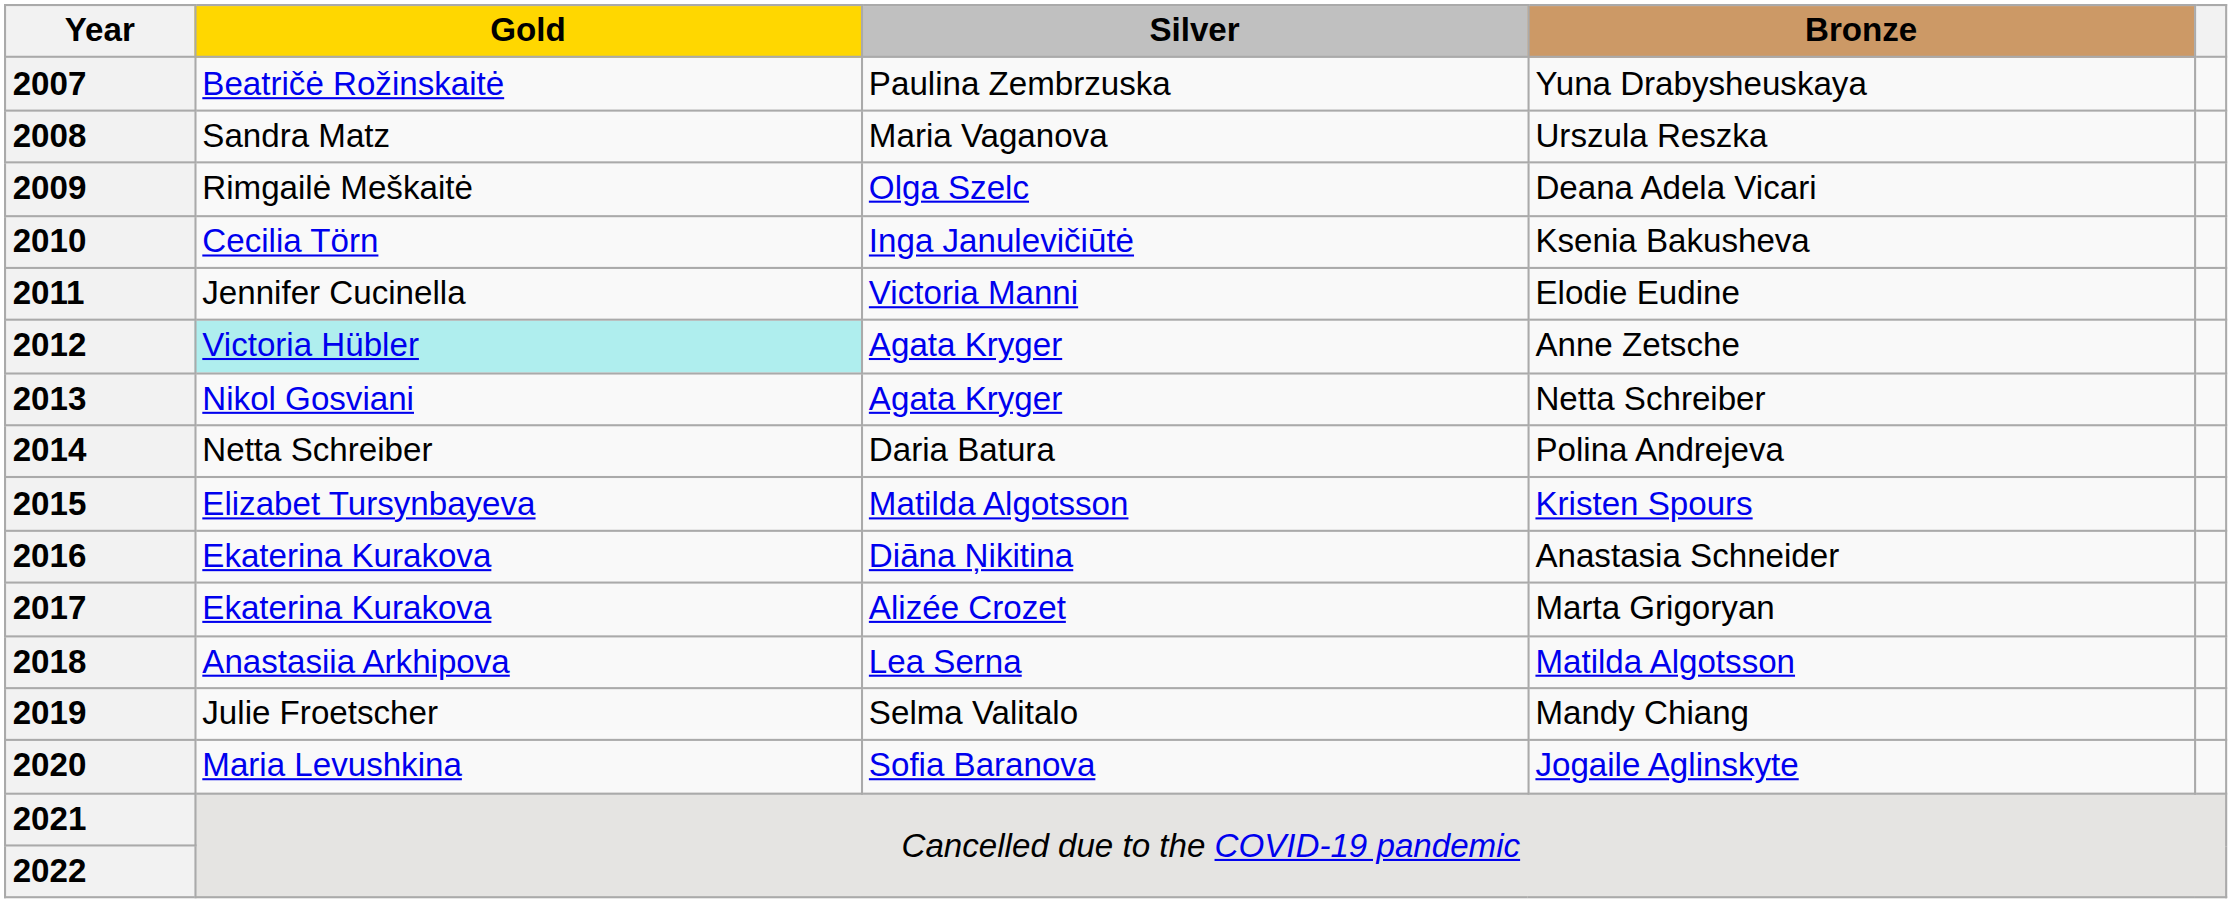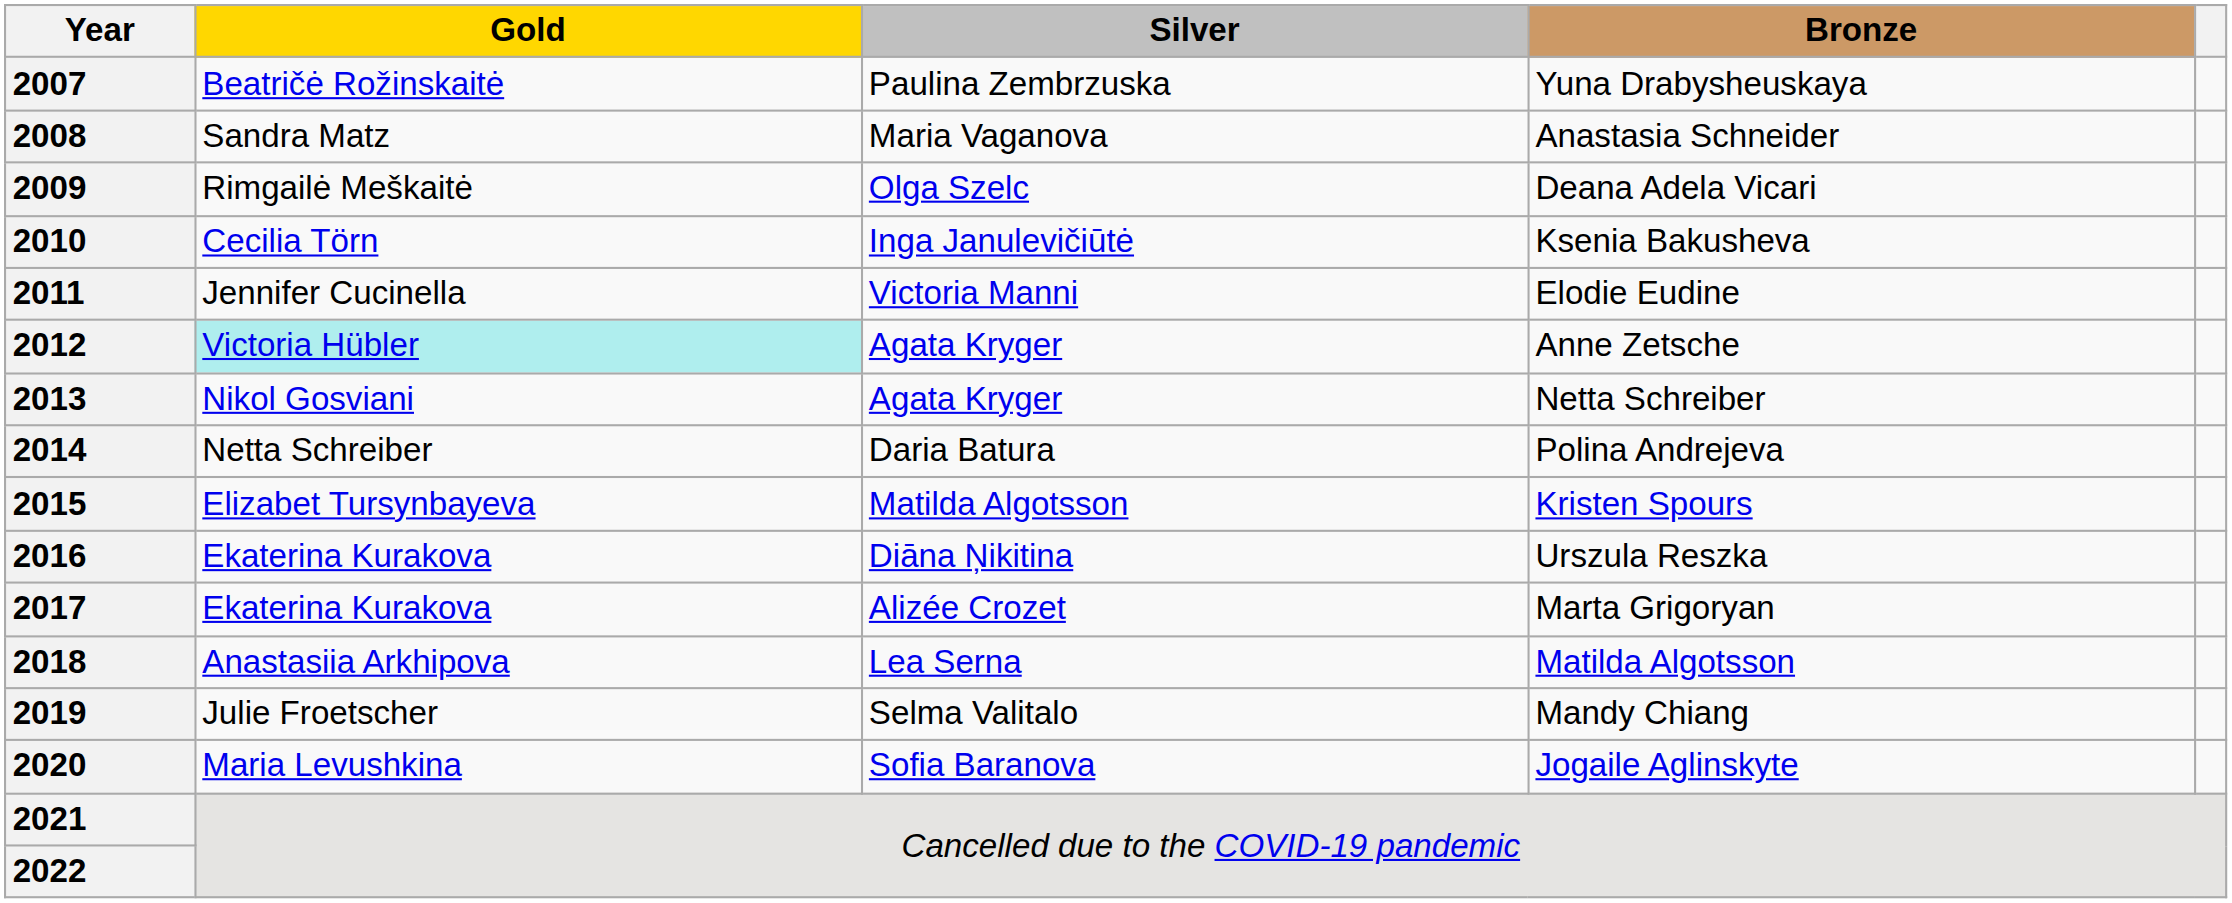 <table class="wikitable unsortable" style="text-align:left; width:85%">
 <tr>
 <th scope="col" style="text-align:center">Year</th>
 <td scope="col" style="text-align:center; width:30%; background:gold"><strong>Gold</strong></td>
 <td scope="col" style="text-align:center; width:30%; background:silver"><strong>Silver</strong></td>
 <td scope="col" style="text-align:center; width:30%; background:#c96"><strong>Bronze</strong></td>
 <th scope="col" style="text-align:center"></th>
 </tr>
 <tr>
 <th scope="row" style="text-align:left">2007</th>
 <td> <a href='#'>Beatričė Rožinskaitė</a></td>
 <td> Paulina Zembrzuska</td>
 <td> Yuna Drabysheuskaya</td>
 <td></td>
 </tr>
 <tr>
 <th scope="row" style="text-align:left">2008</th>
 <td> Sandra Matz</td>
 <td> Maria Vaganova</td>
-<td> Urszula Reszka</td>
+<td> Anastasia Schneider</td>
 <td></td>
 </tr>
 <tr>
 <th scope="row" style="text-align:left">2009</th>
 <td> Rimgailė Meškaitė</td>
 <td> <a href='#'>Olga Szelc</a></td>
 <td> Deana Adela Vicari</td>
 <td></td>
 </tr>
 <tr>
 <th scope="row" style="text-align:left">2010</th>
 <td> <a href='#'>Cecilia Törn</a></td>
 <td> <a href='#'>Inga Janulevičiūtė</a></td>
 <td> Ksenia Bakusheva</td>
 <td></td>
 </tr>
 <tr>
 <th scope="row" style="text-align:left">2011</th>
 <td> Jennifer Cucinella</td>
 <td> <a href='#'>Victoria Manni</a></td>
 <td> Elodie Eudine</td>
 <td></td>
 </tr>
 <tr>
 <th scope="row" style="text-align:left">2012</th>
 <td style="background: paleturquoise;"> <a href='#'>Victoria Hübler</a></td>
 <td> <a href='#'>Agata Kryger</a></td>
 <td> Anne Zetsche</td>
 <td></td>
 </tr>
 <tr>
 <th scope="row" style="text-align:left">2013</th>
 <td> <a href='#'>Nikol Gosviani</a></td>
 <td> <a href='#'>Agata Kryger</a></td>
 <td> Netta Schreiber</td>
 <td></td>
 </tr>
 <tr>
 <th scope="row" style="text-align:left">2014</th>
 <td> Netta Schreiber</td>
 <td> Daria Batura</td>
 <td> Polina Andrejeva</td>
 <td></td>
 </tr>
 <tr>
 <th scope="row" style="text-align:left">2015</th>
 <td> <a href='#'>Elizabet Tursynbayeva</a></td>
 <td> <a href='#'>Matilda Algotsson</a></td>
 <td> <a href='#'>Kristen Spours</a></td>
 <td></td>
 </tr>
 <tr>
 <th scope="row" style="text-align:left">2016</th>
 <td> <a href='#'>Ekaterina Kurakova</a></td>
 <td> <a href='#'>Diāna Ņikitina</a></td>
-<td> Anastasia Schneider</td>
+<td> Urszula Reszka</td>
 <td></td>
 </tr>
 <tr>
 <th scope="row" style="text-align:left">2017</th>
 <td> <a href='#'>Ekaterina Kurakova</a></td>
 <td> <a href='#'>Alizée Crozet</a></td>
 <td> Marta Grigoryan</td>
 <td></td>
 </tr>
 <tr>
 <th scope="row" style="text-align:left">2018</th>
 <td> <a href='#'>Anastasiia Arkhipova</a></td>
 <td> <a href='#'>Lea Serna</a></td>
 <td> <a href='#'>Matilda Algotsson</a></td>
 <td></td>
 </tr>
 <tr>
 <th scope="row" style="text-align:left">2019</th>
 <td> Julie Froetscher</td>
 <td> Selma Valitalo</td>
 <td> Mandy Chiang</td>
 <td></td>
 </tr>
 <tr>
 <th scope="row" style="text-align:left">2020</th>
 <td> <a href='#'>Maria Levushkina</a></td>
 <td> <a href='#'>Sofia Baranova</a></td>
 <td> <a href='#'>Jogaile Aglinskyte</a></td>
 <td></td>
 </tr>
 <tr>
 <th scope="row" style="text-align:left">2021</th>
 <td rowspan="2" colspan="4" align="center" bgcolor="e5e4e2"><em>Cancelled due to the <a href='#'>COVID-19 pandemic</a></em></td>
 </tr>
 <tr>
 <th scope="row" style="text-align:left">2022</th>
 </tr>
 </table>
